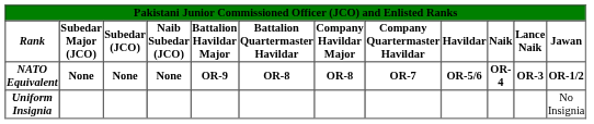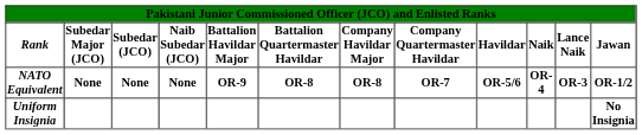 <table border="1" cellpadding="1" cellspacing="0" align="center" width="100%">
 <tr>
 <th colspan=12 bgcolor="green"><strong>Pakistani Junior Commissioned Officer (JCO) and Enlisted Ranks</strong></th>
 </tr>
 <tr>
 <th><em>Rank</em></th>
 <th>Subedar Major (JCO)</th>
 <th>Subedar (JCO)</th>
 <th>Naib Subedar (JCO)</th>
 <th>Battalion Havildar Major</th>
 <th>Battalion Quartermaster Havildar</th>
 <th>Company Havildar Major</th>
 <th>Company Quartermaster Havildar</th>
 <th>Havildar</th>
 <th>Naik</th>
 <th>Lance Naik</th>
 <th>Jawan</th>
 </tr>
 <tr>
 <th><em>NATO Equivalent</em></th>
 <th>None</th>
 <th>None</th>
 <th>None</th>
 <th>OR-9</th>
 <th>OR-8</th>
 <th>OR-8</th>
 <th>OR-7</th>
 <th>OR-5/6</th>
 <th>OR-4</th>
 <th>OR-3</th>
 <th>OR-1/2</th>
 </tr>
 <tr>
 <th><em>Uniform Insignia</em></th>
 <td align="center"></td>
 <td align="center"></td>
 <td align="center"></td>
 <td align="center"></td>
 <td align="center"></td>
 <td align="center"></td>
 <td align="center"></td>
 <td align="center"></td>
 <td align="center"></td>
 <td align="center"></td>
-<td align="center">No Insignia</td>
+<td align="center"><strong>No Insignia</strong></td>
 </tr>
 </table>
